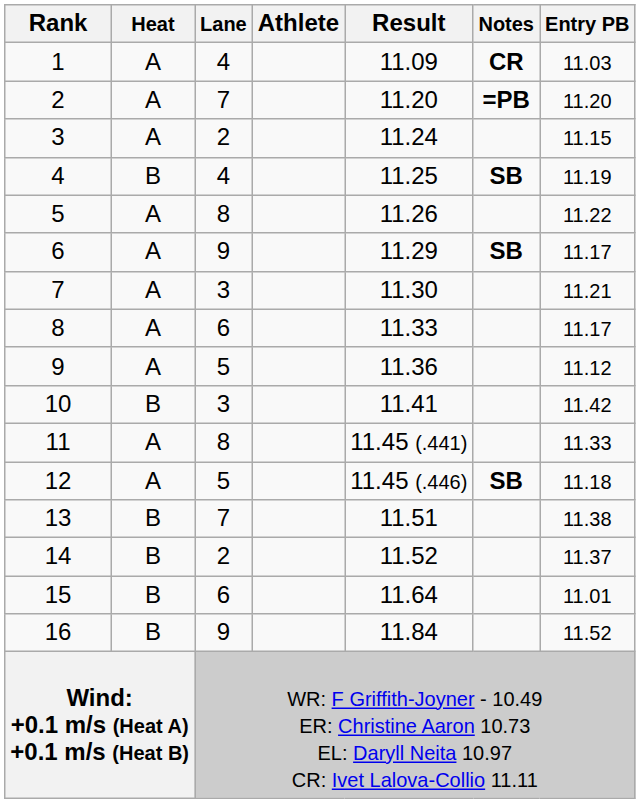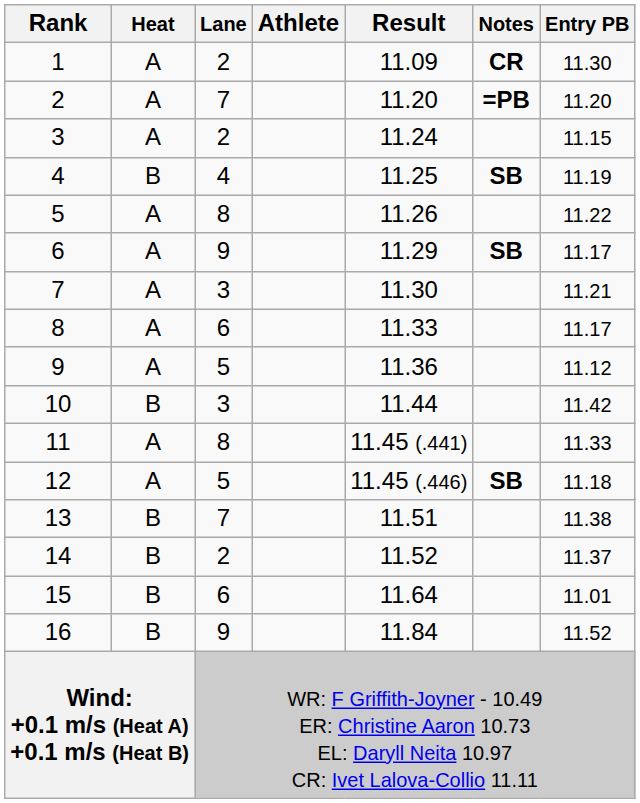 <table class="wikitable sortable" style="text-align:center;">
 <tr>
 <th>Rank</th>
 <th><small>Heat</small></th>
 <th><small>Lane</small></th>
 <th>Athlete</th>
 <th>Result</th>
 <th><small>Notes</small></th>
 <th><small>Entry PB</small></th>
 </tr>
 <tr>
 <td>1</td>
 <td>A</td>
-<td>4</td>
+<td>2</td>
 <td align=left></td>
 <td>11.09</td>
 <td> <strong>CR</strong></td>
-<td><small>11.03</small></td>
+<td><small>11.30</small></td>
 </tr>
 <tr>
 <td>2</td>
 <td>A</td>
 <td>7</td>
 <td align=left></td>
 <td>11.20</td>
 <td> <strong>=PB</strong></td>
 <td><small>11.20</small></td>
 </tr>
 <tr>
 <td>3</td>
 <td>A</td>
 <td>2</td>
 <td align=left></td>
 <td>11.24</td>
 <td></td>
 <td><small>11.15</small></td>
 </tr>
 <tr>
 <td>4</td>
 <td>B</td>
 <td>4</td>
 <td align=left></td>
 <td>11.25</td>
 <td><strong>SB</strong></td>
 <td><small>11.19</small></td>
 </tr>
 <tr>
 <td>5</td>
 <td>A</td>
 <td>8</td>
 <td align=left></td>
 <td>11.26</td>
 <td></td>
 <td><small>11.22</small></td>
 </tr>
 <tr>
 <td>6</td>
 <td>A</td>
 <td>9</td>
 <td align=left></td>
 <td>11.29</td>
 <td><strong>SB</strong></td>
 <td><small>11.17</small></td>
 </tr>
 <tr>
 <td>7</td>
 <td>A</td>
 <td>3</td>
 <td align=left></td>
 <td>11.30</td>
 <td></td>
 <td><small>11.21</small></td>
 </tr>
 <tr>
 <td>8</td>
 <td>A</td>
 <td>6</td>
 <td align=left></td>
 <td>11.33</td>
 <td></td>
 <td><small>11.17</small></td>
 </tr>
 <tr>
 <td>9</td>
 <td>A</td>
 <td>5</td>
 <td align=left></td>
 <td>11.36</td>
 <td></td>
 <td><small>11.12</small></td>
 </tr>
 <tr>
 <td>10</td>
 <td>B</td>
 <td>3</td>
 <td align=left></td>
-<td>11.41</td>
+<td>11.44</td>
 <td></td>
 <td><small>11.42</small></td>
 </tr>
 <tr>
 <td>11</td>
 <td>A</td>
 <td>8</td>
 <td align=left></td>
 <td>11.45 <small>(.441)</small></td>
 <td></td>
 <td><small>11.33</small></td>
 </tr>
 <tr>
 <td>12</td>
 <td>A</td>
 <td>5</td>
 <td align=left></td>
 <td>11.45 <small>(.446)</small></td>
 <td><strong>SB</strong></td>
 <td><small>11.18</small></td>
 </tr>
 <tr>
 <td>13</td>
 <td>B</td>
 <td>7</td>
 <td align=left></td>
 <td>11.51</td>
 <td></td>
 <td><small>11.38</small></td>
 </tr>
 <tr>
 <td>14</td>
 <td>B</td>
 <td>2</td>
 <td align=left></td>
 <td>11.52</td>
 <td></td>
 <td><small>11.37</small></td>
 </tr>
 <tr>
 <td>15</td>
 <td>B</td>
 <td>6</td>
 <td align=left></td>
 <td>11.64</td>
 <td></td>
 <td><small>11.01</small></td>
 </tr>
 <tr>
 <td>16</td>
 <td>B</td>
 <td>9</td>
 <td align=left></td>
 <td>11.84</td>
 <td></td>
 <td><small>11.52</small></td>
 </tr>
 <tr class="sortbottom">
 <th colspan=2>Wind:<br>+0.1 m/s <small>(Heat A)</small><br>+0.1 m/s <small>(Heat B)</small></th>
 <td colspan="5" bgcolor="#cccccc"><br> <small>WR:   <a href='#'>F Griffith-Joyner</a> - 10.49<br>ER:  <a href='#'>Christine Aaron</a> 10.73<br></small> <small>EL:   <a href='#'>Daryll Neita</a> 10.97<br>CR:  <a href='#'>Ivet Lalova-Collio</a> 11.11</small></td>
 </tr>
 </table>
